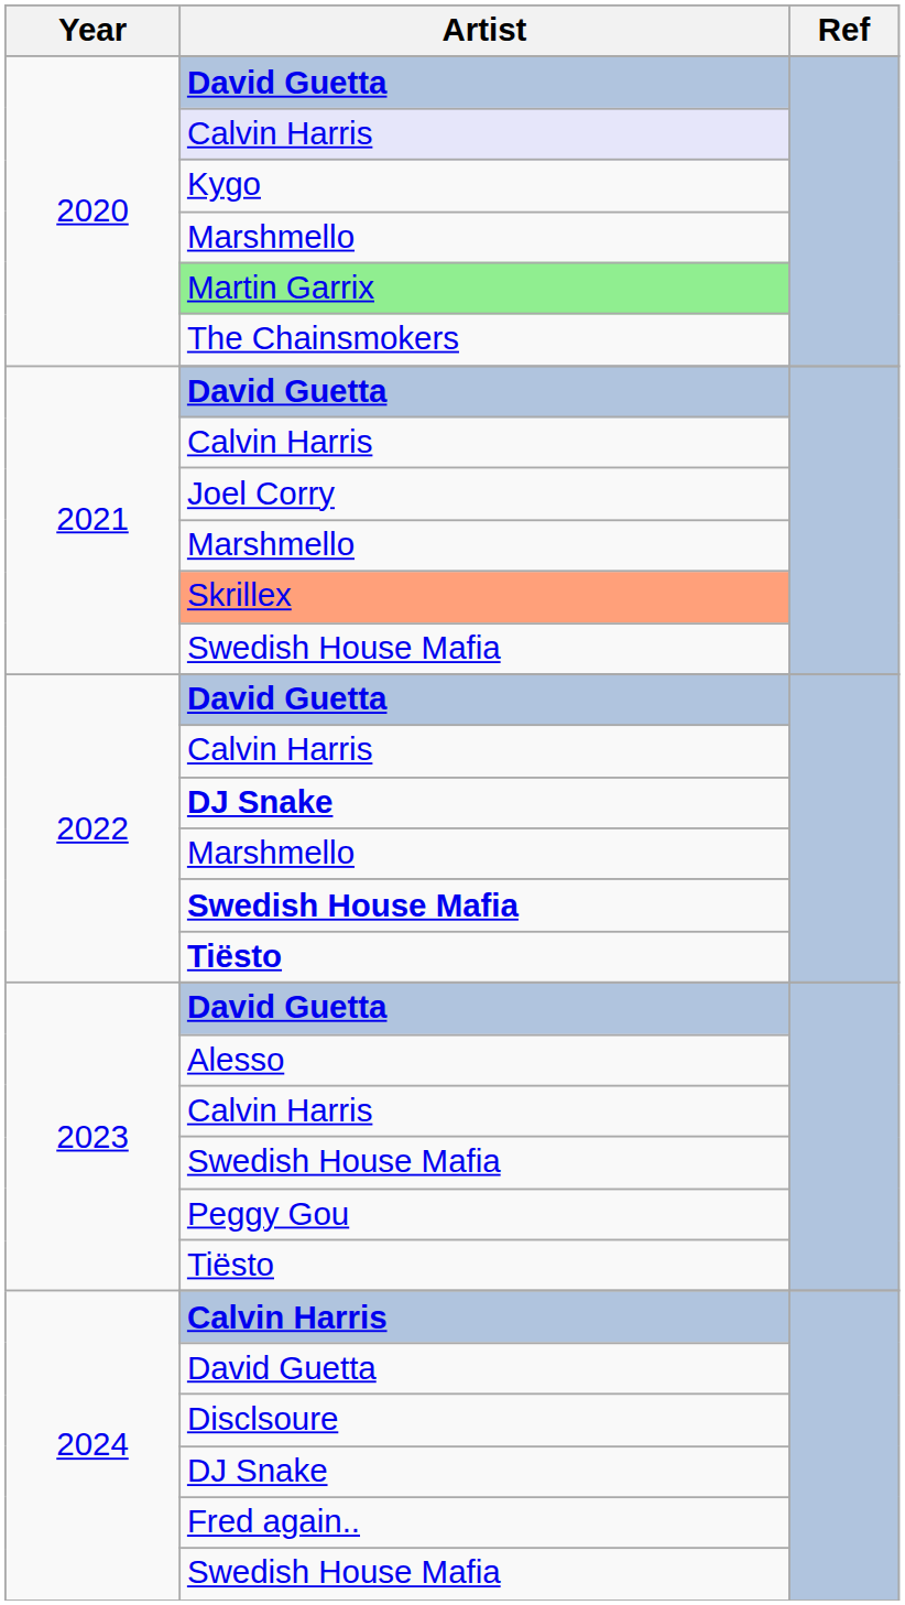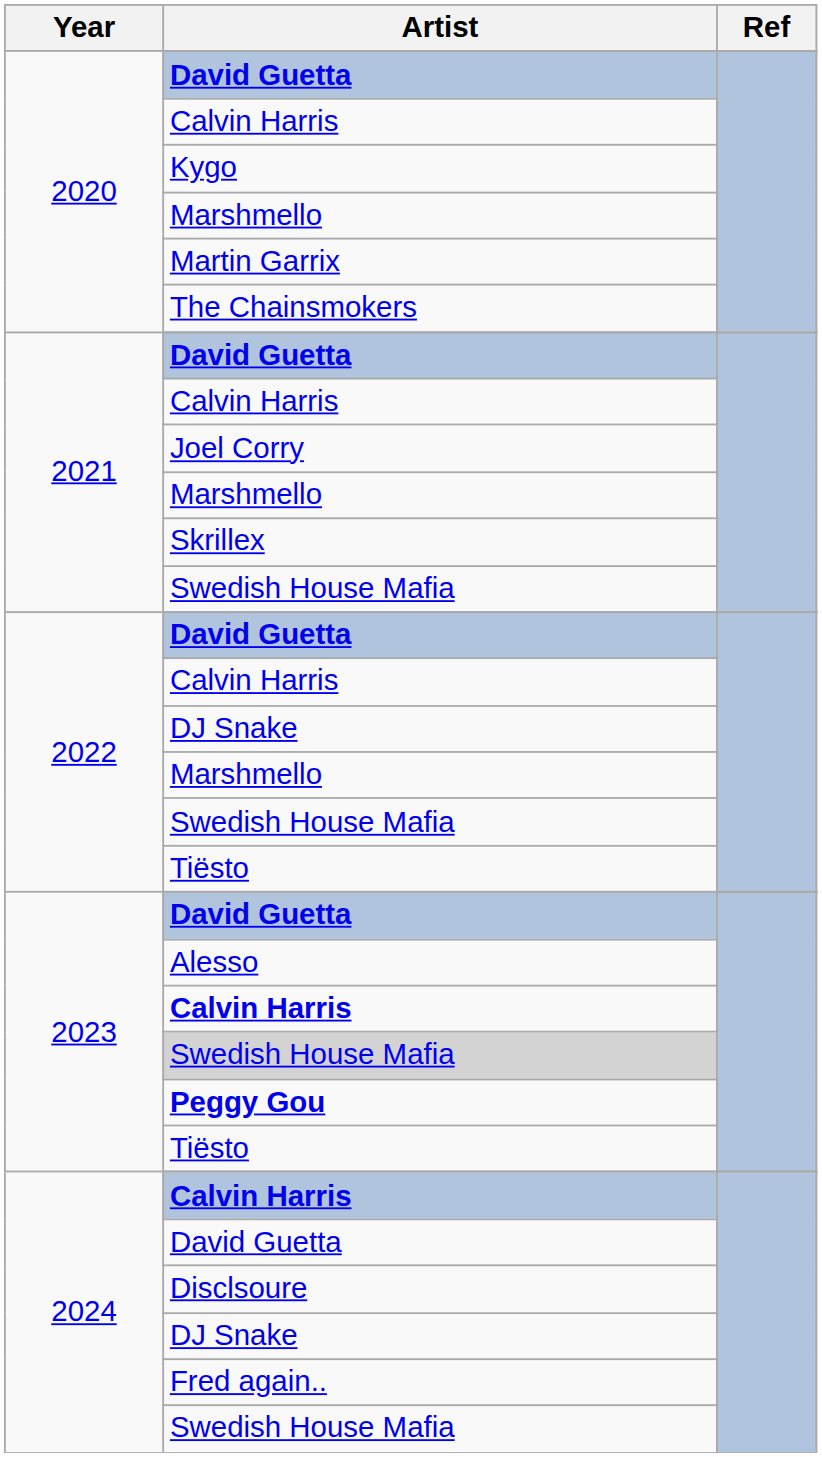 <table class="wikitable" style="width:50%;">
 <tr style="background:#bebebe;">
 <th style="width:10%;">Year</th>
 <th style="width:35%;">Artist</th>
 <th style="width:5%;">Ref</th>
 </tr>
 <tr>
 <td rowspan="7" align="center"><a href='#'>2020</a></td>
 </tr>
 <tr style="background:#B0C4DE">
 <td><strong><a href='#'>David Guetta</a></strong></td>
 <td rowspan="6" align="center"></td>
 </tr>
 <tr>
-<td style="background: lavender;"><a href='#'>Calvin Harris</a></td>
+<td><a href='#'>Calvin Harris</a></td>
 </tr>
 <tr>
 <td><a href='#'>Kygo</a></td>
 </tr>
 <tr>
 <td><a href='#'>Marshmello</a></td>
 </tr>
 <tr>
-<td style="background: lightgreen;"><a href='#'>Martin Garrix</a></td>
+<td><a href='#'>Martin Garrix</a></td>
 </tr>
 <tr>
 <td><a href='#'>The Chainsmokers</a></td>
 </tr>
 <tr>
 <td rowspan="7" align="center"><a href='#'>2021</a></td>
 </tr>
 <tr style="background:#B0C4DE">
 <td><strong><a href='#'>David Guetta</a></strong></td>
 <td rowspan="6" align="center"></td>
 </tr>
 <tr>
 <td><a href='#'>Calvin Harris</a></td>
 </tr>
 <tr>
 <td><a href='#'>Joel Corry</a></td>
 </tr>
 <tr>
 <td><a href='#'>Marshmello</a></td>
 </tr>
 <tr>
-<td style="background: lightsalmon;"><a href='#'>Skrillex</a></td>
+<td><a href='#'>Skrillex</a></td>
 </tr>
 <tr>
 <td><a href='#'>Swedish House Mafia</a></td>
 </tr>
 <tr>
 <td rowspan="7" align="center"><a href='#'>2022</a></td>
 </tr>
 <tr style="background:#B0C4DE">
 <td><strong><a href='#'>David Guetta</a></strong></td>
 <td rowspan="6" align="center"></td>
 </tr>
 <tr>
 <td><a href='#'>Calvin Harris</a></td>
 </tr>
 <tr>
-<td><strong><a href='#'>DJ Snake</a></strong></td>
+<td><a href='#'>DJ Snake</a></td>
 </tr>
 <tr>
 <td><a href='#'>Marshmello</a></td>
 </tr>
 <tr>
-<td><strong><a href='#'>Swedish House Mafia</a></strong></td>
+<td><a href='#'>Swedish House Mafia</a></td>
 </tr>
 <tr>
-<td><strong><a href='#'>Tiësto</a></strong></td>
+<td><a href='#'>Tiësto</a></td>
 </tr>
 <tr>
 <td rowspan="7" align="center"><a href='#'>2023</a></td>
 </tr>
 <tr style="background:#B0C4DE">
 <td><strong><a href='#'>David Guetta</a></strong></td>
 <td rowspan="6" align="center"></td>
 </tr>
 <tr>
 <td><a href='#'>Alesso</a></td>
 </tr>
 <tr>
-<td><a href='#'>Calvin Harris</a></td>
+<td><strong><a href='#'>Calvin Harris</a></strong></td>
 </tr>
 <tr>
-<td><a href='#'>Swedish House Mafia</a></td>
+<td style="background: lightgrey;"><a href='#'>Swedish House Mafia</a></td>
 </tr>
 <tr>
-<td><a href='#'>Peggy Gou</a></td>
+<td><strong><a href='#'>Peggy Gou</a></strong></td>
 </tr>
 <tr>
 <td><a href='#'>Tiësto</a></td>
 </tr>
 <tr>
 <td rowspan="7" align="center"><a href='#'>2024</a></td>
 </tr>
 <tr style="background:#B0C4DE">
 <td><strong><a href='#'>Calvin Harris</a></strong></td>
 <td rowspan="6" align="center"></td>
 </tr>
 <tr>
 <td><a href='#'>David Guetta</a></td>
 </tr>
 <tr>
 <td><a href='#'>Disclsoure</a></td>
 </tr>
 <tr>
 <td><a href='#'>DJ Snake</a></td>
 </tr>
 <tr>
 <td><a href='#'>Fred again..</a></td>
 </tr>
 <tr>
 <td><a href='#'>Swedish House Mafia</a></td>
 </tr>
 </table>
